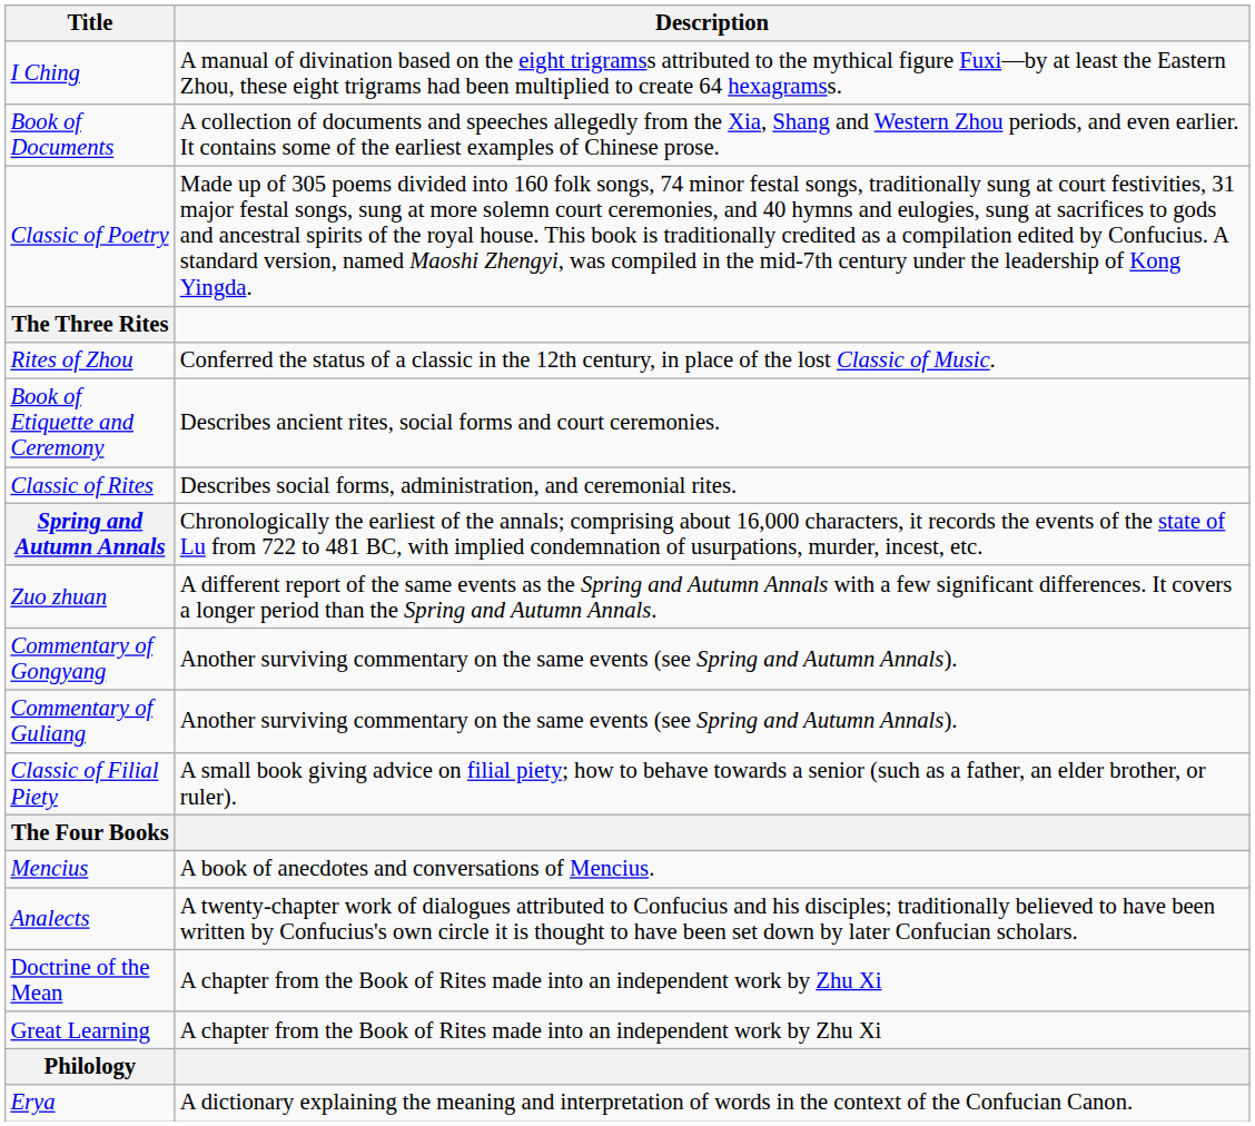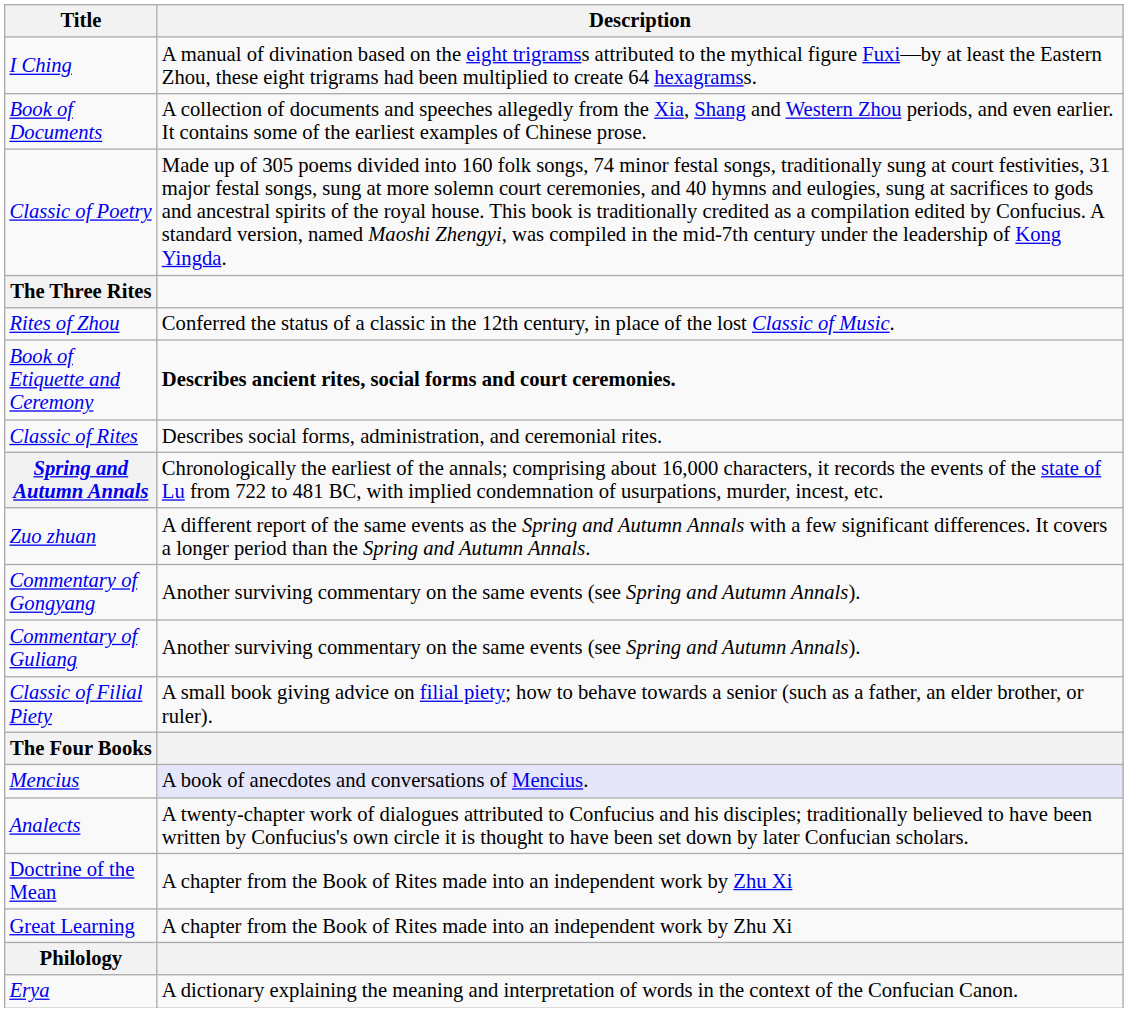 <table class=wikitable>
 <tr>
 <th>Title</th>
 <th>Description</th>
 </tr>
 <tr>
 <td><em><a href='#'>I Ching</a></em></td>
 <td>A manual of divination based on the <a href='#'>eight trigrams</a>s attributed to the mythical figure <a href='#'>Fuxi</a>—by at least the Eastern Zhou, these eight trigrams had been multiplied to create 64 <a href='#'>hexagrams</a>s.</td>
 </tr>
 <tr>
 <td><em><a href='#'>Book of Documents</a></em></td>
 <td>A collection of documents and speeches allegedly from the <a href='#'>Xia</a>, <a href='#'>Shang</a> and <a href='#'>Western Zhou</a> periods, and even earlier. It contains some of the earliest examples of Chinese prose.</td>
 </tr>
 <tr>
 <td><em><a href='#'>Classic of Poetry</a></em></td>
 <td>Made up of 305 poems divided into 160 folk songs, 74 minor festal songs, traditionally sung at court festivities, 31 major festal songs, sung at more solemn court ceremonies, and 40 hymns and eulogies, sung at sacrifices to gods and ancestral spirits of the royal house. This book is traditionally credited as a compilation edited by Confucius. A standard version, named <em>Maoshi Zhengyi</em>, was compiled in the mid-7th century under the leadership of <a href='#'>Kong Yingda</a>.</td>
 </tr>
 <tr>
 <th>The Three Rites</th>
 <td></td>
 </tr>
 <tr>
 <td><em><a href='#'>Rites of Zhou</a></em></td>
 <td>Conferred the status of a classic in the 12th century, in place of the lost <em><a href='#'>Classic of Music</a></em>.</td>
 </tr>
 <tr>
 <td><em><a href='#'>Book of Etiquette and Ceremony</a></em></td>
-<td>Describes ancient rites, social forms and court ceremonies.</td>
+<td><strong>Describes ancient rites, social forms and court ceremonies.</strong></td>
 </tr>
 <tr>
 <td><em><a href='#'>Classic of Rites</a></em></td>
 <td>Describes social forms, administration, and ceremonial rites.</td>
 </tr>
 <tr>
 <th><em><a href='#'>Spring and Autumn Annals</a></em></th>
 <td>Chronologically the earliest of the annals; comprising about 16,000 characters, it records the events of the <a href='#'>state of Lu</a> from 722 to 481 BC, with implied condemnation of usurpations, murder, incest, etc.</td>
 </tr>
 <tr>
 <td><em><a href='#'>Zuo zhuan</a></em></td>
 <td>A different report of the same events as the <em>Spring and Autumn Annals</em> with a few significant differences. It covers a longer period than the <em>Spring and Autumn Annals</em>.</td>
 </tr>
 <tr>
 <td><em><a href='#'>Commentary of Gongyang</a></em></td>
 <td>Another surviving commentary on the same events (see <em>Spring and Autumn Annals</em>).</td>
 </tr>
 <tr>
 <td><em><a href='#'>Commentary of Guliang</a></em></td>
 <td>Another surviving commentary on the same events (see <em>Spring and Autumn Annals</em>).</td>
 </tr>
 <tr>
 <td><em><a href='#'>Classic of Filial Piety</a></em></td>
 <td>A small book giving advice on <a href='#'>filial piety</a>; how to behave towards a senior (such as a father, an elder brother, or ruler).</td>
 </tr>
 <tr>
 <th>The Four Books</th>
 <th></th>
 </tr>
 <tr>
 <td><em><a href='#'>Mencius</a></em></td>
-<td>A book of anecdotes and conversations of <a href='#'>Mencius</a>.</td>
+<td style="background: lavender;">A book of anecdotes and conversations of <a href='#'>Mencius</a>.</td>
 </tr>
 <tr>
 <td><em><a href='#'>Analects</a></em></td>
 <td>A twenty-chapter work of dialogues attributed to Confucius and his disciples; traditionally believed to have been written by Confucius's own circle it is thought to have been set down by later Confucian scholars.</td>
 </tr>
 <tr>
 <td><a href='#'>Doctrine of the Mean</a></td>
 <td>A chapter from the Book of Rites made into an independent work by <a href='#'>Zhu Xi</a></td>
 </tr>
 <tr>
 <td><a href='#'>Great Learning</a></td>
 <td>A chapter from the Book of Rites made into an independent work by Zhu Xi</td>
 </tr>
 <tr>
 <th>Philology</th>
 <th></th>
 </tr>
 <tr>
 <td><em><a href='#'>Erya</a></em></td>
 <td>A dictionary explaining the meaning and interpretation of words in the context of the Confucian Canon.</td>
 </tr>
 </table>
